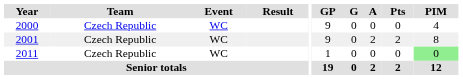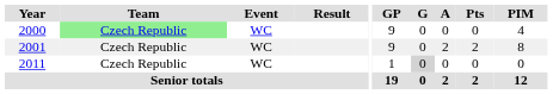 <table border="0" cellpadding="1" cellspacing="0" ID="Table3" style="text-align:center; width:40em">
 <tr ALIGN="center" bgcolor="#e0e0e0">
 <th>Year</th>
 <th>Team</th>
 <th>Event</th>
 <th>Result</th>
 <th rowspan="99" bgcolor="#ffffff"></th>
 <th>GP</th>
 <th>G</th>
 <th>A</th>
 <th>Pts</th>
 <th>PIM</th>
 </tr>
 <tr>
 <td><a href='#'>2000</a></td>
-<td><a href='#'>Czech Republic</a></td>
+<td style="background: lightgreen;"><a href='#'>Czech Republic</a></td>
 <td><a href='#'>WC</a></td>
 <td></td>
 <td>9</td>
 <td>0</td>
 <td>0</td>
 <td>0</td>
 <td>4</td>
 </tr>
 <tr bgcolor="#f0f0f0">
 <td><a href='#'>2001</a></td>
 <td>Czech Republic</td>
 <td>WC</td>
 <td></td>
 <td>9</td>
 <td>0</td>
 <td>2</td>
 <td>2</td>
 <td>8</td>
 </tr>
 <tr>
 <td><a href='#'>2011</a></td>
 <td>Czech Republic</td>
 <td>WC</td>
 <td></td>
 <td>1</td>
+<td style="background: lightgrey;">0</td>
 <td>0</td>
 <td>0</td>
 <td>0</td>
-<td style="background: lightgreen;">0</td>
 </tr>
 <tr bgcolor="#e0e0e0">
 <th colspan="4">Senior totals</th>
 <th>19</th>
 <th>0</th>
 <th>2</th>
 <th>2</th>
 <th>12</th>
 </tr>
 </table>
